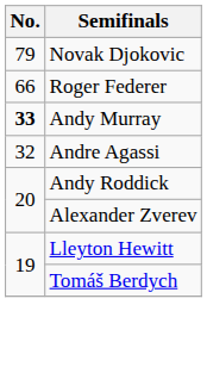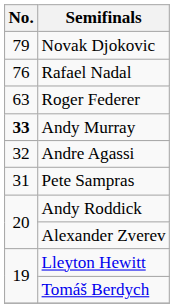 <table class="wikitable nowrap" style="display:inline-table">
 <tr>
 <th scope="col" style="width:20">No.</th>
 <th>Semifinals</th>
 </tr>
 <tr>
 <td style="text-align:center;">79</td>
 <td> Novak Djokovic</td>
 </tr>
 <tr>
-<td style="text-align:center;">66</td>
+<td style="text-align:center;">76</td>
+<td> Rafael Nadal</td>
+</tr>
+<tr>
+<td style="text-align:center;">63</td>
 <td> Roger Federer</td>
 </tr>
 <tr>
 <td style="text-align:center;"><strong>33</strong></td>
 <td> Andy Murray</td>
 </tr>
 <tr>
 <td style="text-align:center;">32</td>
 <td> Andre Agassi</td>
+</tr>
+<tr>
+<td style="text-align:center;">31</td>
+<td> Pete Sampras</td>
 </tr>
 <tr>
 <td rowspan="2"  style="text-align:center;">20</td>
 <td> Andy Roddick</td>
 </tr>
 <tr>
 <td> Alexander Zverev</td>
 </tr>
 <tr>
 <td rowspan="2" style="text-align:center;">19</td>
 <td> <a href='#'>Lleyton Hewitt</a></td>
 </tr>
 <tr>
 <td> <a href='#'>Tomáš Berdych</a></td>
 </tr>
 <tr>
 </tr>
 </table>
